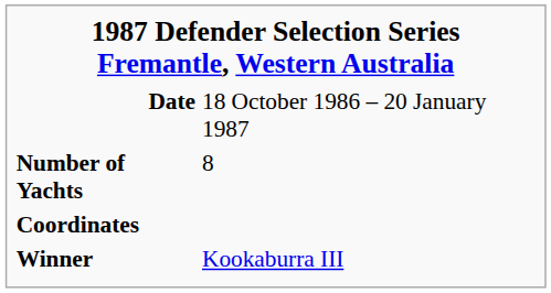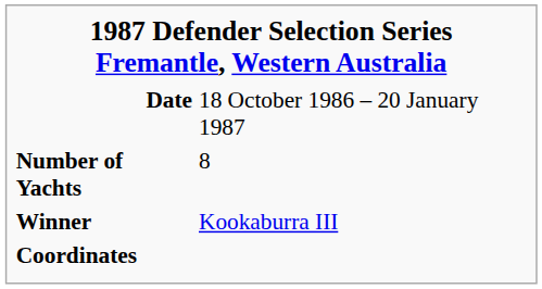 <table class="infobox" style="width: 23em; font-size: 90%">
 <tr>
 <th colspan="2" style="text-align: center; font-size: larger;"><strong>1987 Defender Selection Series</strong><br><strong><a href='#'>Fremantle</a>, <a href='#'>Western Australia</a></strong></th>
 </tr>
 <tr>
 <td style="text-align: right;"><strong>Date</strong></td>
 <td>18 October 1986 – 20 January 1987</td>
 </tr>
 <tr>
 <td><strong>Number of Yachts</strong></td>
 <td>8</td>
 </tr>
 <tr>
+<td><strong>Winner</strong></td>
+<td><a href='#'>Kookaburra III</a></td>
+</tr>
+<tr>
 <td><strong>Coordinates</strong></td>
 <td></td>
 </tr>
 <tr>
-<td><strong>Winner</strong></td>
-<td><a href='#'>Kookaburra III</a></td>
-</tr>
-<tr>
 </tr>
 </table>
